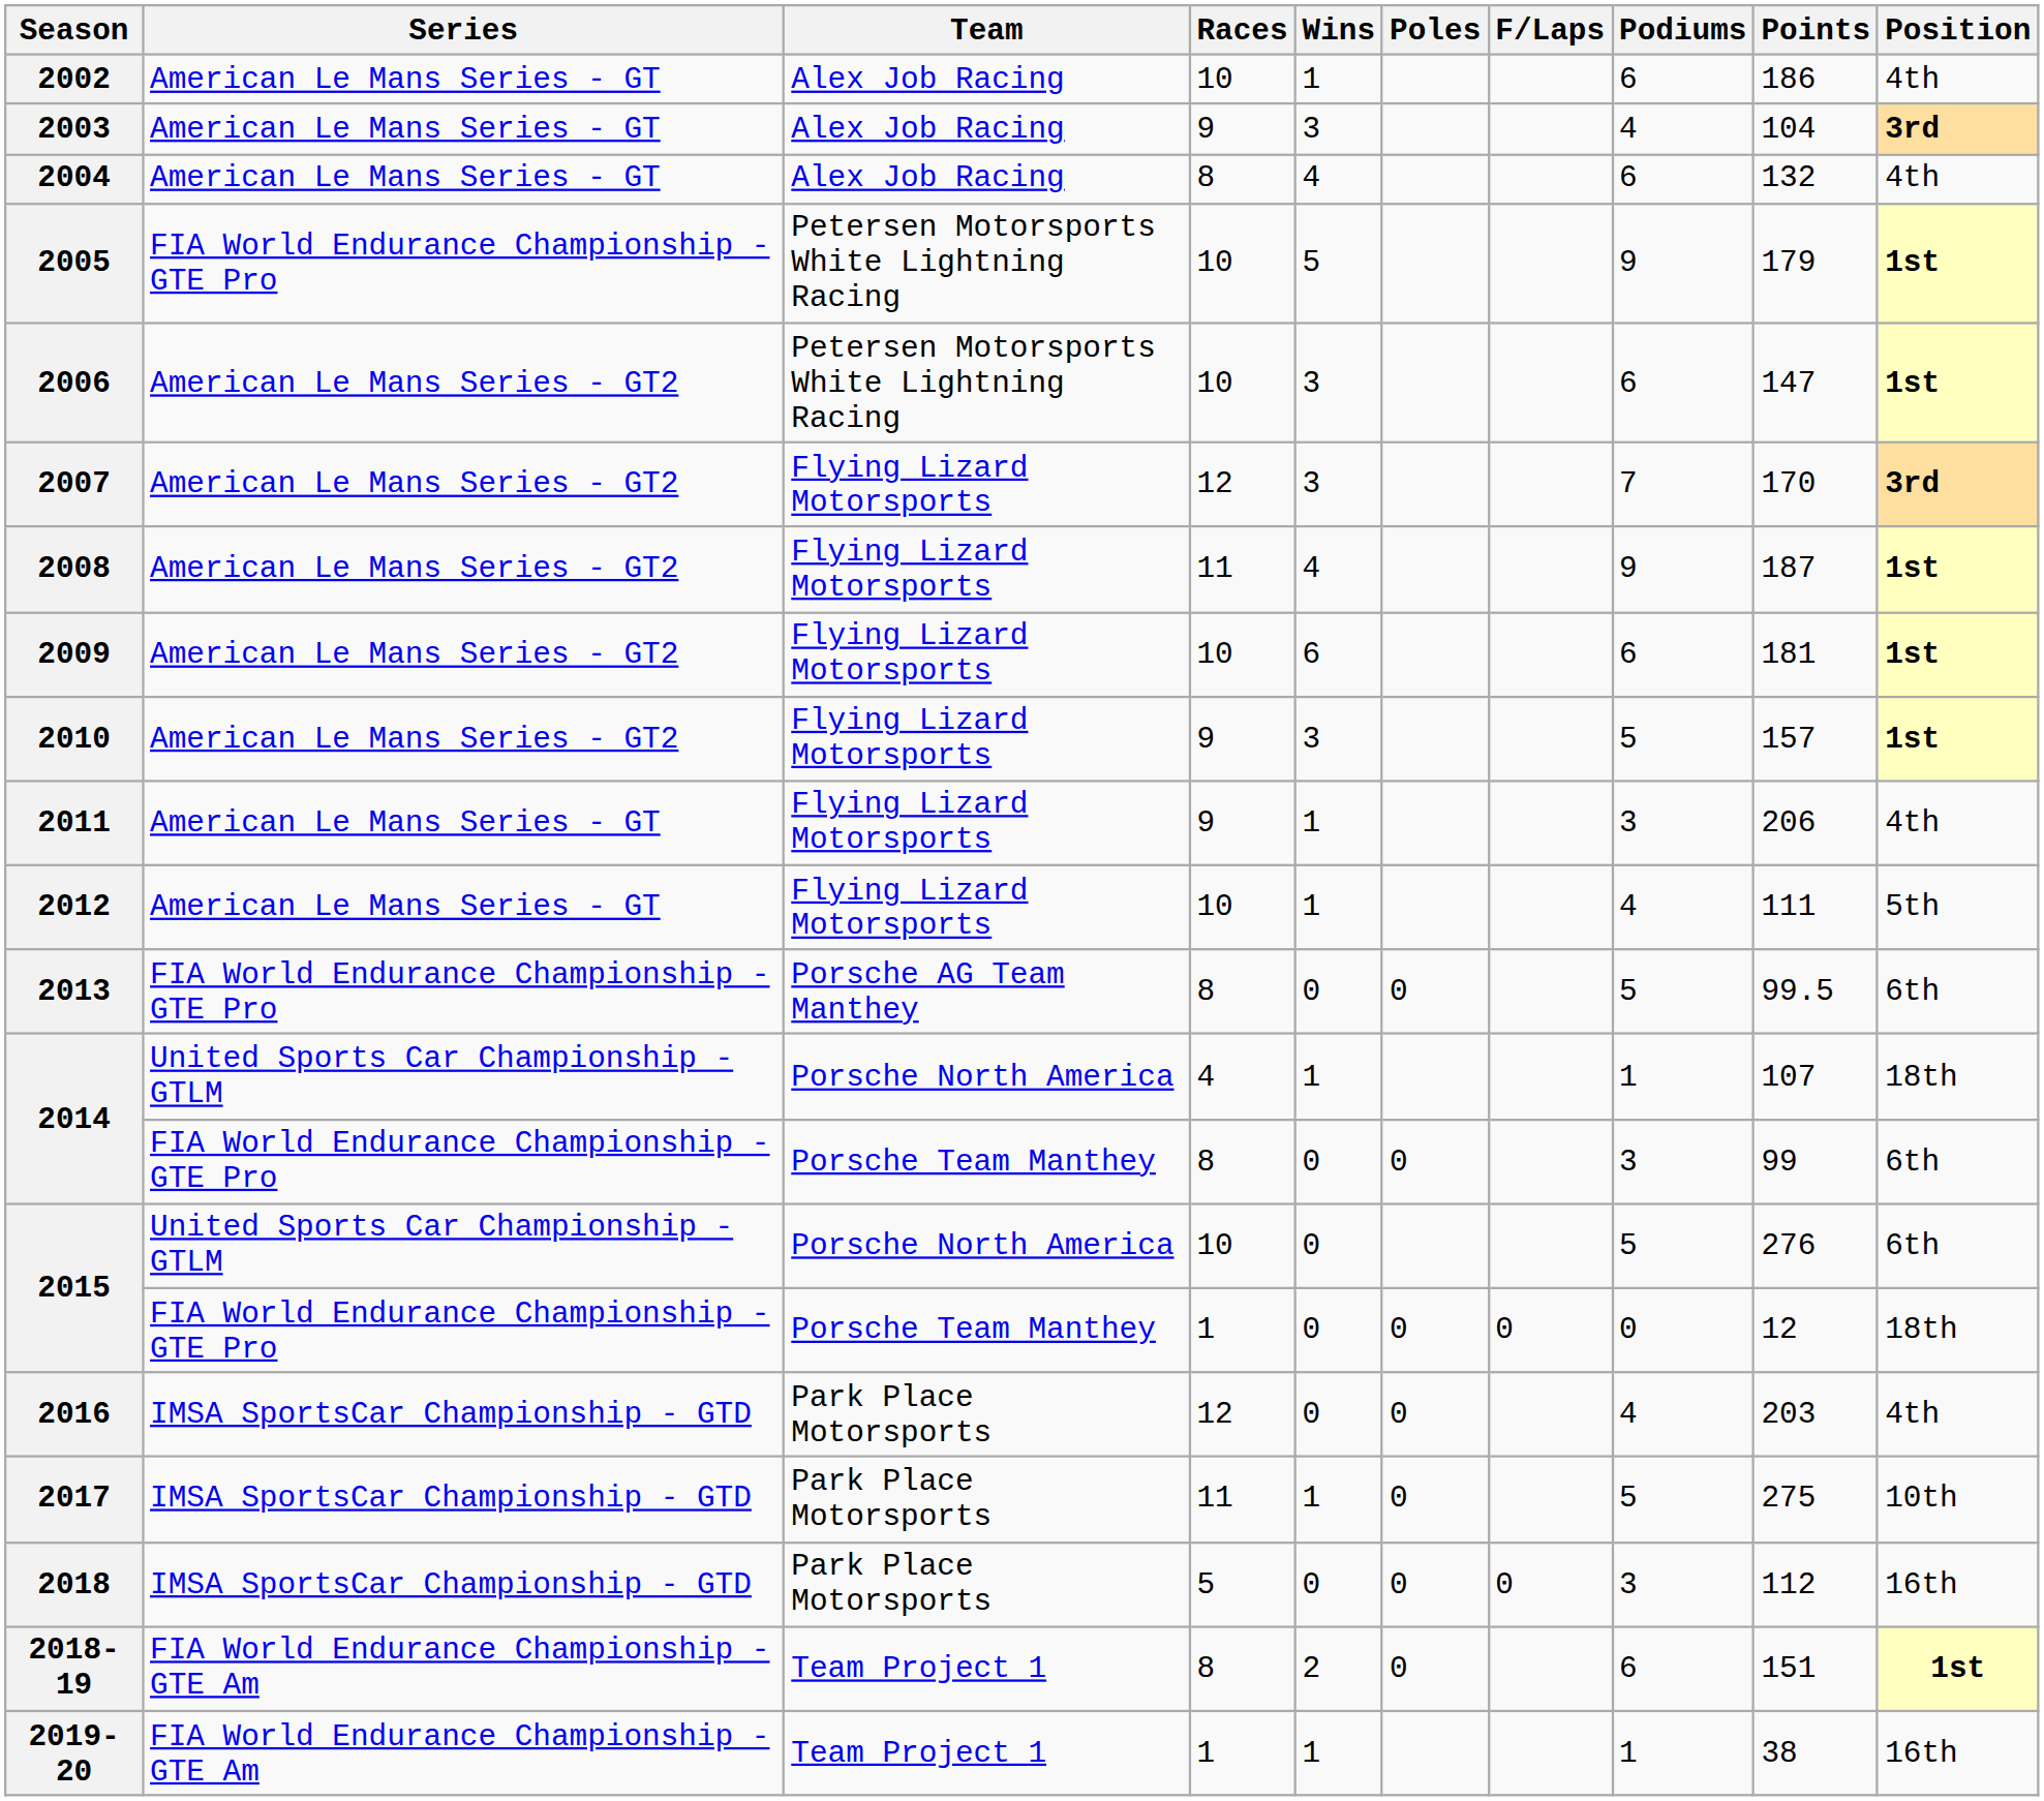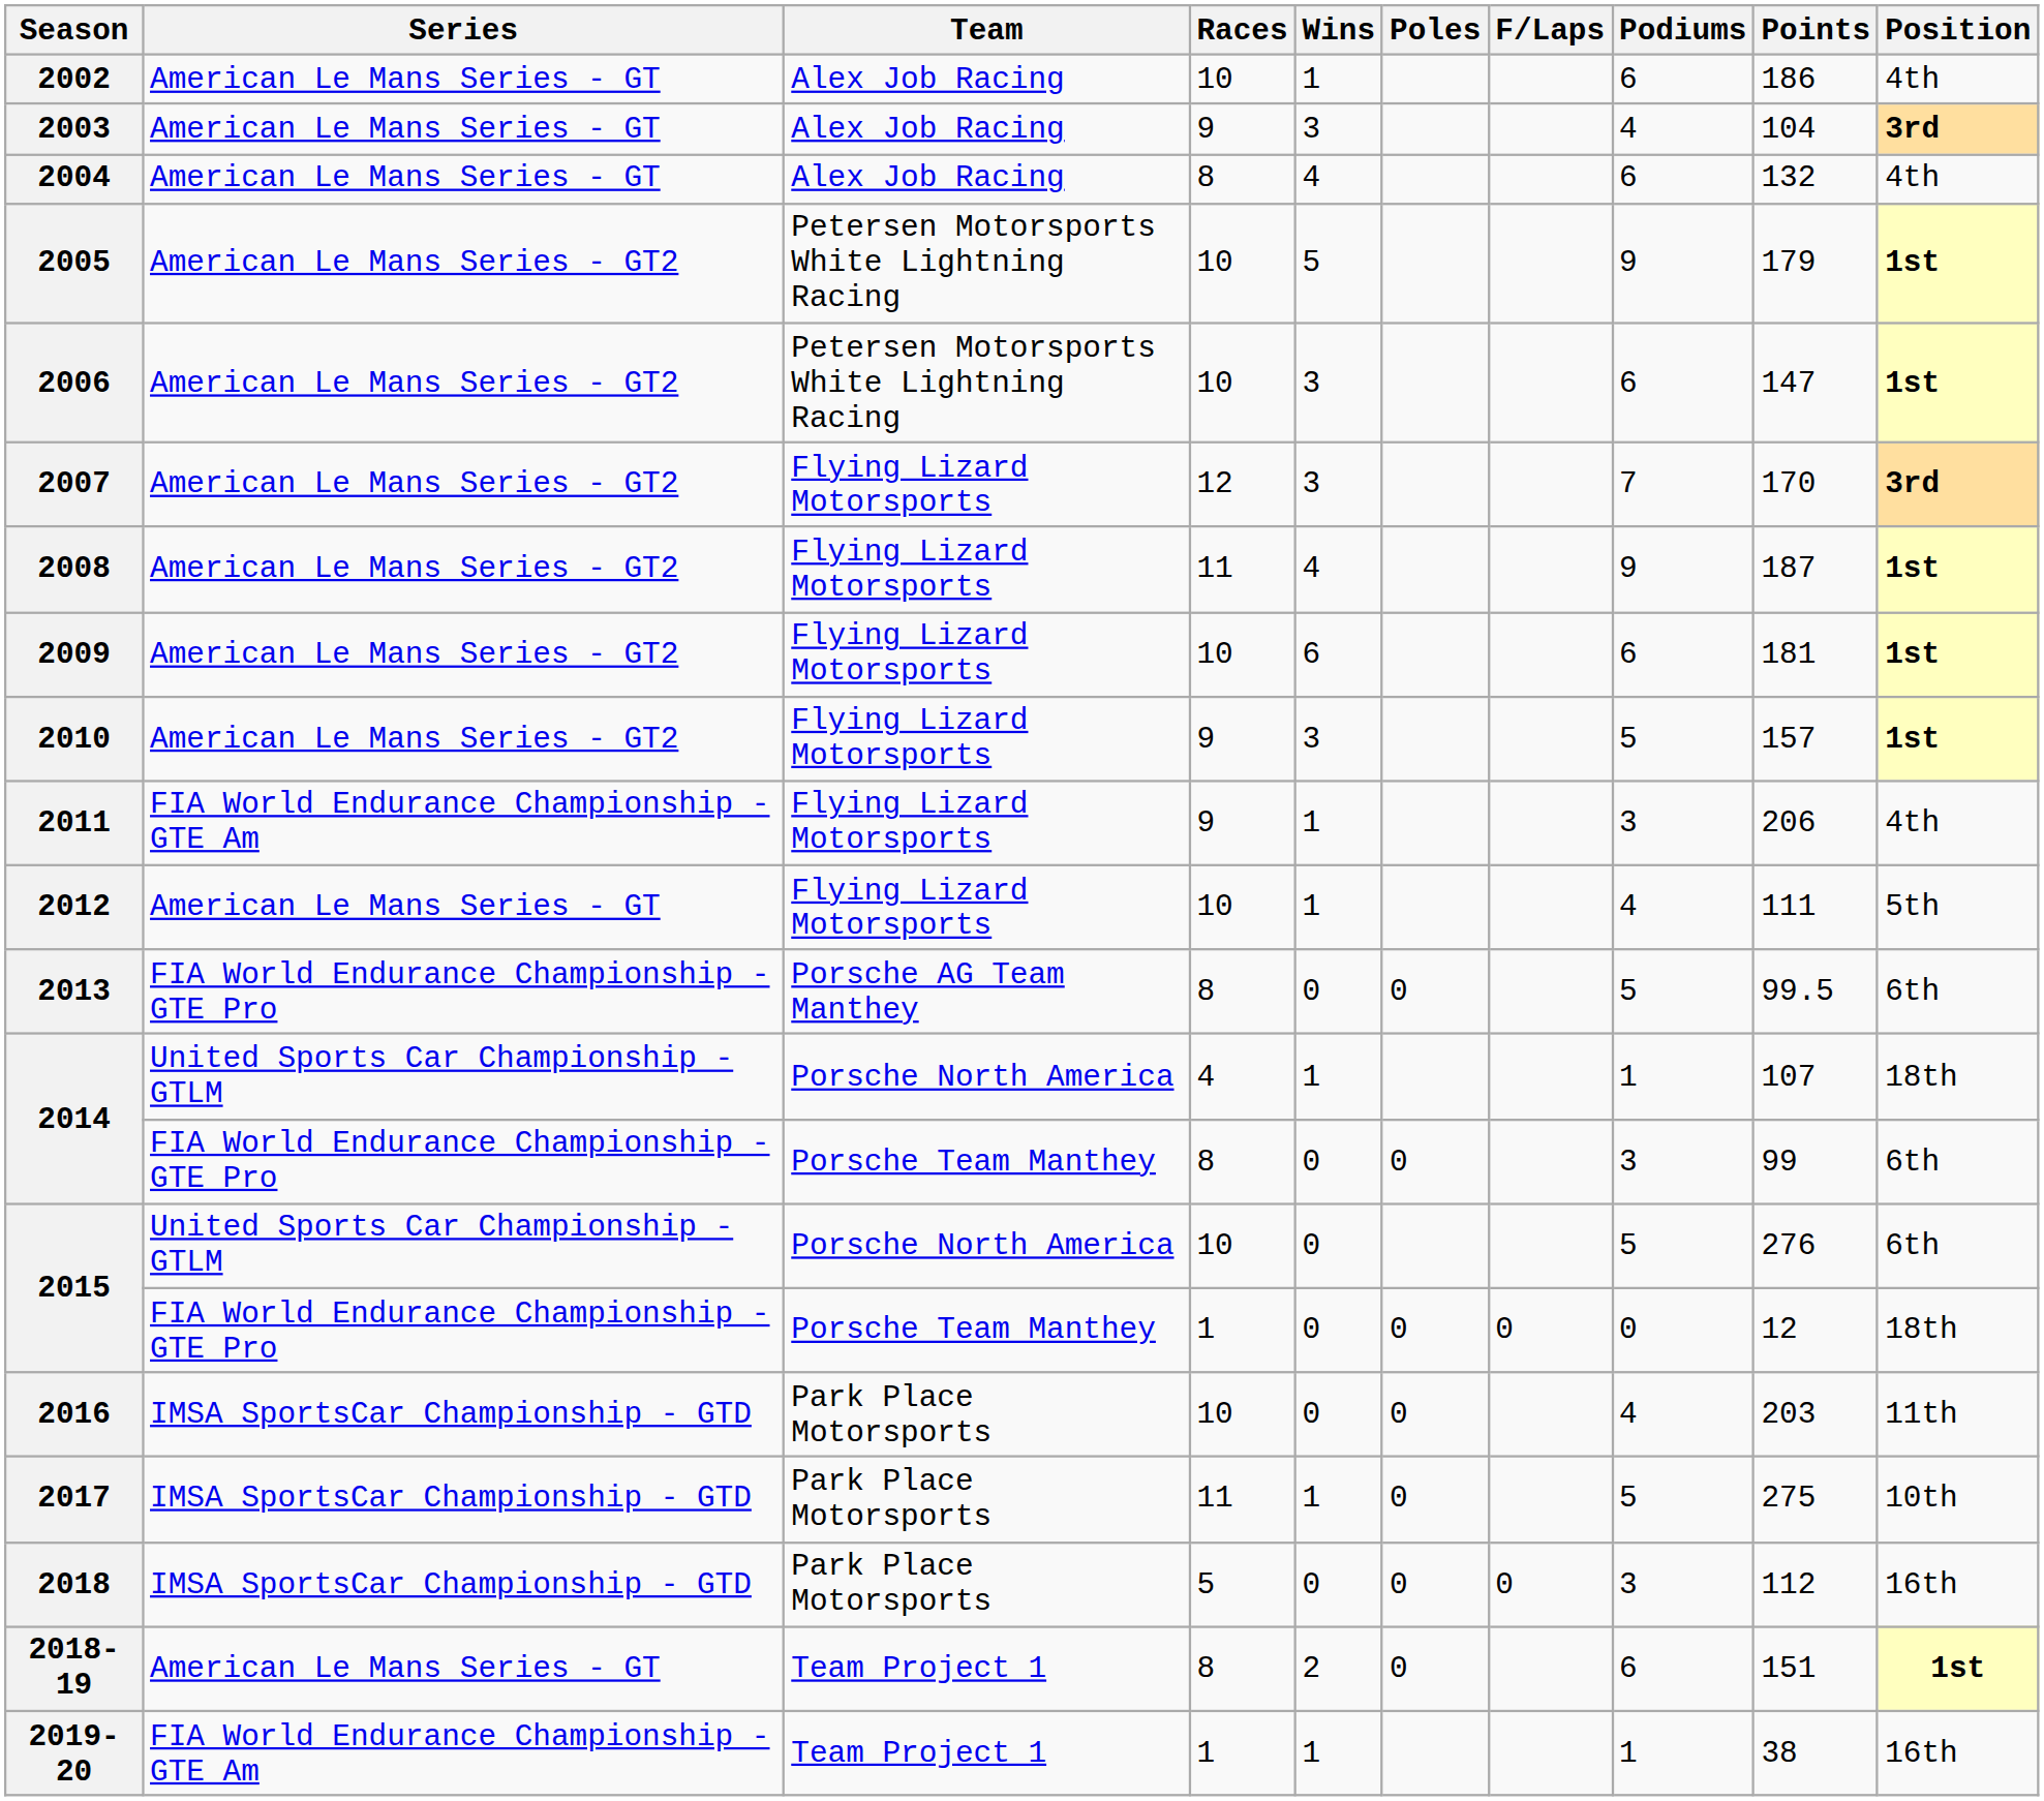 <table class="wikitable">
 <tr>
 <th>Season</th>
 <th>Series</th>
 <th>Team</th>
 <th>Races</th>
 <th>Wins</th>
 <th>Poles</th>
 <th>F/Laps</th>
 <th>Podiums</th>
 <th>Points</th>
 <th>Position</th>
 </tr>
 <tr>
 <th>2002</th>
 <td><a href='#'>American Le Mans Series - GT</a></td>
 <td><a href='#'>Alex Job Racing</a></td>
 <td>10</td>
 <td>1</td>
 <td></td>
 <td></td>
 <td>6</td>
 <td>186</td>
 <td>4th</td>
 </tr>
 <tr>
 <th>2003</th>
 <td><a href='#'>American Le Mans Series - GT</a></td>
 <td><a href='#'>Alex Job Racing</a></td>
 <td>9</td>
 <td>3</td>
 <td></td>
 <td></td>
 <td>4</td>
 <td>104</td>
 <td style="background:#FFDF9F;”"><strong>3rd</strong></td>
 </tr>
 <tr>
 <th>2004</th>
 <td><a href='#'>American Le Mans Series - GT</a></td>
 <td><a href='#'>Alex Job Racing</a></td>
 <td>8</td>
 <td>4</td>
 <td></td>
 <td></td>
 <td>6</td>
 <td>132</td>
 <td>4th</td>
 </tr>
 <tr>
 <th>2005</th>
-<td><a href='#'>FIA World Endurance Championship - GTE Pro</a></td>
+<td><a href='#'>American Le Mans Series - GT2</a></td>
 <td>Petersen Motorsports<br>White Lightning Racing</td>
 <td>10</td>
 <td>5</td>
 <td></td>
 <td></td>
 <td>9</td>
 <td>179</td>
 <td style="background:#FFFFBF;”"><strong>1st</strong></td>
 </tr>
 <tr>
 <th>2006</th>
 <td><a href='#'>American Le Mans Series - GT2</a></td>
 <td>Petersen Motorsports<br>White Lightning Racing</td>
 <td>10</td>
 <td>3</td>
 <td></td>
 <td></td>
 <td>6</td>
 <td>147</td>
 <td style="background:#FFFFBF;”"><strong>1st</strong></td>
 </tr>
 <tr>
 <th>2007</th>
 <td><a href='#'>American Le Mans Series - GT2</a></td>
 <td><a href='#'>Flying Lizard Motorsports</a></td>
 <td>12</td>
 <td>3</td>
 <td></td>
 <td></td>
 <td>7</td>
 <td>170</td>
 <td style="background:#FFDF9F;”"><strong>3rd</strong></td>
 </tr>
 <tr>
 <th>2008</th>
 <td><a href='#'>American Le Mans Series - GT2</a></td>
 <td><a href='#'>Flying Lizard Motorsports</a></td>
 <td>11</td>
 <td>4</td>
 <td></td>
 <td></td>
 <td>9</td>
 <td>187</td>
 <td style="background:#FFFFBF;”"><strong>1st</strong></td>
 </tr>
 <tr>
 <th>2009</th>
 <td><a href='#'>American Le Mans Series - GT2</a></td>
 <td><a href='#'>Flying Lizard Motorsports</a></td>
 <td>10</td>
 <td>6</td>
 <td></td>
 <td></td>
 <td>6</td>
 <td>181</td>
 <td style="background:#FFFFBF;”"><strong>1st</strong></td>
 </tr>
 <tr>
 <th>2010</th>
 <td><a href='#'>American Le Mans Series - GT2</a></td>
 <td><a href='#'>Flying Lizard Motorsports</a></td>
 <td>9</td>
 <td>3</td>
 <td></td>
 <td></td>
 <td>5</td>
 <td>157</td>
 <td style="background:#FFFFBF;”"><strong>1st</strong></td>
 </tr>
 <tr>
 <th>2011</th>
-<td><a href='#'>American Le Mans Series - GT</a></td>
+<td><a href='#'>FIA World Endurance Championship - GTE Am</a></td>
 <td><a href='#'>Flying Lizard Motorsports</a></td>
 <td>9</td>
 <td>1</td>
 <td></td>
 <td></td>
 <td>3</td>
 <td>206</td>
 <td>4th</td>
 </tr>
 <tr>
 <th>2012</th>
 <td><a href='#'>American Le Mans Series - GT</a></td>
 <td><a href='#'>Flying Lizard Motorsports</a></td>
 <td>10</td>
 <td>1</td>
 <td></td>
 <td></td>
 <td>4</td>
 <td>111</td>
 <td>5th</td>
 </tr>
 <tr>
 <th>2013</th>
 <td><a href='#'>FIA World Endurance Championship - GTE Pro</a></td>
 <td><a href='#'>Porsche AG Team Manthey</a></td>
 <td>8</td>
 <td>0</td>
 <td>0</td>
 <td></td>
 <td>5</td>
 <td>99.5</td>
 <td>6th</td>
 </tr>
 <tr>
 <th rowspan="2">2014</th>
 <td><a href='#'>United Sports Car Championship -  GTLM</a></td>
 <td><a href='#'>Porsche North America</a></td>
 <td>4</td>
 <td>1</td>
 <td></td>
 <td></td>
 <td>1</td>
 <td>107</td>
 <td>18th</td>
 </tr>
 <tr>
 <td><a href='#'>FIA World Endurance Championship - GTE Pro</a></td>
 <td><a href='#'>Porsche Team Manthey</a></td>
 <td>8</td>
 <td>0</td>
 <td>0</td>
 <td></td>
 <td>3</td>
 <td>99</td>
 <td>6th</td>
 </tr>
 <tr>
 <th rowspan="2">2015</th>
 <td><a href='#'>United Sports Car Championship -  GTLM</a></td>
 <td><a href='#'>Porsche North America</a></td>
 <td>10</td>
 <td>0</td>
 <td></td>
 <td></td>
 <td>5</td>
 <td>276</td>
 <td>6th</td>
 </tr>
 <tr>
 <td><a href='#'>FIA World Endurance Championship - GTE Pro</a></td>
 <td><a href='#'>Porsche Team Manthey</a></td>
 <td>1</td>
 <td>0</td>
 <td>0</td>
 <td>0</td>
 <td>0</td>
 <td>12</td>
 <td>18th</td>
 </tr>
 <tr>
 <th>2016</th>
 <td><a href='#'>IMSA SportsCar Championship -  GTD</a></td>
 <td>Park Place Motorsports</td>
-<td>12</td>
+<td>10</td>
 <td>0</td>
 <td>0</td>
 <td></td>
 <td>4</td>
 <td>203</td>
-<td>4th</td>
+<td>11th</td>
 </tr>
 <tr>
 <th>2017</th>
 <td><a href='#'>IMSA SportsCar Championship -  GTD</a></td>
 <td>Park Place Motorsports</td>
 <td>11</td>
 <td>1</td>
 <td>0</td>
 <td></td>
 <td>5</td>
 <td>275</td>
 <td>10th</td>
 </tr>
 <tr>
 <th>2018</th>
 <td><a href='#'>IMSA SportsCar Championship -  GTD</a></td>
 <td>Park Place Motorsports</td>
 <td>5</td>
 <td>0</td>
 <td>0</td>
 <td>0</td>
 <td>3</td>
 <td>112</td>
 <td>16th</td>
 </tr>
 <tr>
 <th>2018-19</th>
-<td><a href='#'>FIA World Endurance Championship - GTE Am</a></td>
+<td><a href='#'>American Le Mans Series - GT</a></td>
 <td><a href='#'>Team Project 1</a></td>
 <td>8</td>
 <td>2</td>
 <td>0</td>
 <td></td>
 <td>6</td>
 <td>151</td>
 <th style="background:#FFFFBF;”">1st</th>
 </tr>
 <tr>
 <th>2019-20</th>
 <td><a href='#'>FIA World Endurance Championship - GTE Am</a></td>
 <td><a href='#'>Team Project 1</a></td>
 <td>1</td>
 <td>1</td>
 <td></td>
 <td></td>
 <td>1</td>
 <td>38</td>
 <td>16th</td>
 </tr>
 </table>
